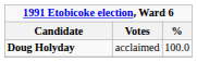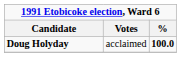 <table class="wikitable">
 <tr>
 <td Colspan="3" align="center"><strong><a href='#'>1991 Etobicoke election</a>, Ward 6</strong></td>
 </tr>
 <tr>
 <th width="150" bgcolor="#ddddff">Candidate</th>
 <th bgcolor="#ddddff">Votes</th>
 <th bgcolor="#ddddff">%</th>
 </tr>
 <tr>
 <td><strong>Doug Holyday</strong></td>
 <td align=right>acclaimed</td>
-<td align=right>100.0</td>
+<td align=right><strong>100.0</strong></td>
 </tr>
 <tr>
 </tr>
 </table>
